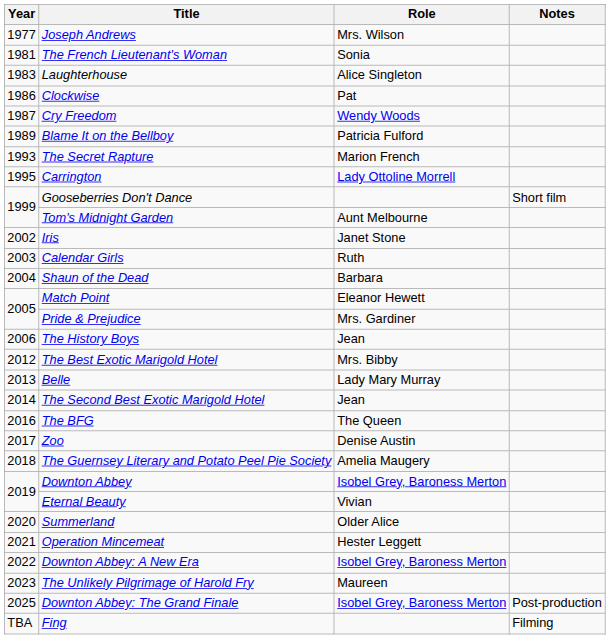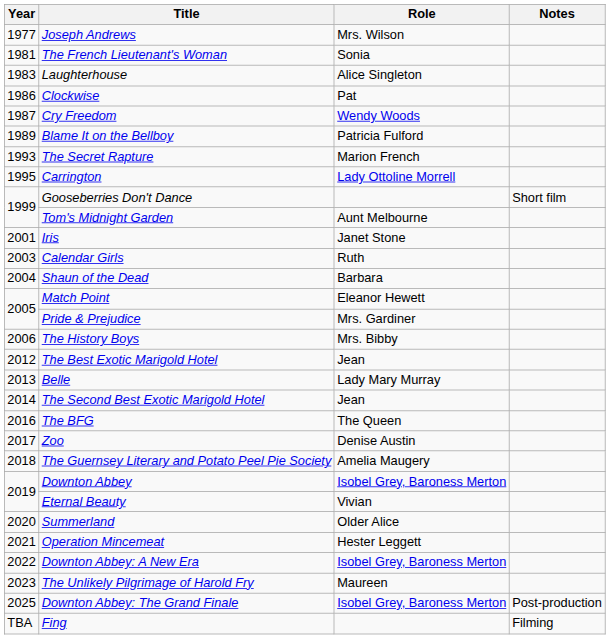 <table class="wikitable sortable">
 <tr>
 <th>Year</th>
 <th>Title</th>
 <th>Role</th>
 <th class="unsortable2">Notes</th>
 </tr>
 <tr>
 <td>1977</td>
 <td><em><a href='#'>Joseph Andrews</a></em></td>
 <td>Mrs. Wilson</td>
 <td></td>
 </tr>
 <tr>
 <td>1981</td>
 <td><em><a href='#'>The French Lieutenant's Woman</a></em></td>
 <td>Sonia</td>
 <td></td>
 </tr>
 <tr>
 <td>1983</td>
 <td><em>Laughterhouse</em></td>
 <td>Alice Singleton</td>
 <td></td>
 </tr>
 <tr>
 <td>1986</td>
 <td><em><a href='#'>Clockwise</a></em></td>
 <td>Pat</td>
 <td></td>
 </tr>
 <tr>
 <td>1987</td>
 <td><em><a href='#'>Cry Freedom</a></em></td>
 <td><a href='#'>Wendy Woods</a></td>
 <td></td>
 </tr>
 <tr>
 <td>1989</td>
 <td><em><a href='#'>Blame It on the Bellboy</a></em></td>
 <td>Patricia Fulford</td>
 <td></td>
 </tr>
 <tr>
 <td>1993</td>
 <td><em><a href='#'>The Secret Rapture</a></em></td>
 <td>Marion French</td>
 <td></td>
 </tr>
 <tr>
 <td>1995</td>
 <td><em><a href='#'>Carrington</a></em></td>
 <td><a href='#'>Lady Ottoline Morrell</a></td>
 <td></td>
 </tr>
 <tr>
 <td rowspan="2">1999</td>
 <td><em>Gooseberries Don't Dance</em></td>
 <td></td>
 <td>Short film</td>
 </tr>
 <tr>
 <td><em><a href='#'>Tom's Midnight Garden</a></em></td>
 <td>Aunt Melbourne</td>
 <td></td>
 </tr>
 <tr>
-<td>2002</td>
+<td>2001</td>
 <td><em><a href='#'>Iris</a></em></td>
 <td>Janet Stone</td>
 <td></td>
 </tr>
 <tr>
 <td>2003</td>
 <td><em><a href='#'>Calendar Girls</a></em></td>
 <td>Ruth</td>
 <td></td>
 </tr>
 <tr>
 <td>2004</td>
 <td><em><a href='#'>Shaun of the Dead</a></em></td>
 <td>Barbara</td>
 <td></td>
 </tr>
 <tr>
 <td rowspan="2">2005</td>
 <td><em><a href='#'>Match Point</a></em></td>
 <td>Eleanor Hewett</td>
 <td></td>
 </tr>
 <tr>
 <td><em><a href='#'>Pride & Prejudice</a></em></td>
 <td>Mrs. Gardiner</td>
 <td></td>
 </tr>
 <tr>
 <td>2006</td>
 <td><em><a href='#'>The History Boys</a></em></td>
-<td>Jean</td>
+<td>Mrs. Bibby</td>
 <td></td>
 </tr>
 <tr>
 <td>2012</td>
 <td><em><a href='#'>The Best Exotic Marigold Hotel</a></em></td>
-<td>Mrs. Bibby</td>
+<td>Jean</td>
 <td></td>
 </tr>
 <tr>
 <td>2013</td>
 <td><em><a href='#'>Belle</a></em></td>
 <td>Lady Mary Murray</td>
 <td></td>
 </tr>
 <tr>
 <td>2014</td>
 <td><em><a href='#'>The Second Best Exotic Marigold Hotel</a></em></td>
 <td>Jean</td>
 <td></td>
 </tr>
 <tr>
 <td>2016</td>
 <td><em><a href='#'>The BFG</a></em></td>
 <td>The Queen</td>
 <td></td>
 </tr>
 <tr>
 <td>2017</td>
 <td><em><a href='#'>Zoo</a></em></td>
 <td>Denise Austin</td>
 <td></td>
 </tr>
 <tr>
 <td>2018</td>
 <td><em><a href='#'>The Guernsey Literary and Potato Peel Pie Society</a></em></td>
 <td>Amelia Maugery</td>
 <td></td>
 </tr>
 <tr>
 <td rowspan="2">2019</td>
 <td><em><a href='#'>Downton Abbey</a></em></td>
 <td><a href='#'>Isobel Grey, Baroness Merton</a></td>
 <td></td>
 </tr>
 <tr>
 <td><em><a href='#'>Eternal Beauty</a></em></td>
 <td>Vivian</td>
 <td></td>
 </tr>
 <tr>
 <td>2020</td>
 <td><em><a href='#'>Summerland</a></em></td>
 <td>Older Alice</td>
 <td></td>
 </tr>
 <tr>
 <td>2021</td>
 <td><em><a href='#'>Operation Mincemeat</a></em></td>
 <td>Hester Leggett</td>
 <td></td>
 </tr>
 <tr>
 <td>2022</td>
 <td><em><a href='#'>Downton Abbey: A New Era</a></em></td>
 <td><a href='#'>Isobel Grey, Baroness Merton</a></td>
 <td></td>
 </tr>
 <tr>
 <td>2023</td>
 <td><em><a href='#'>The Unlikely Pilgrimage of Harold Fry</a></em></td>
 <td>Maureen</td>
 <td></td>
 </tr>
 <tr>
 <td>2025</td>
 <td><em><a href='#'>Downton Abbey: The Grand Finale</a></em></td>
 <td><a href='#'>Isobel Grey, Baroness Merton</a></td>
 <td>Post-production</td>
 </tr>
 <tr>
 <td>TBA</td>
 <td><em><a href='#'>Fing</a></em></td>
 <td></td>
 <td>Filming</td>
 </tr>
 </table>
